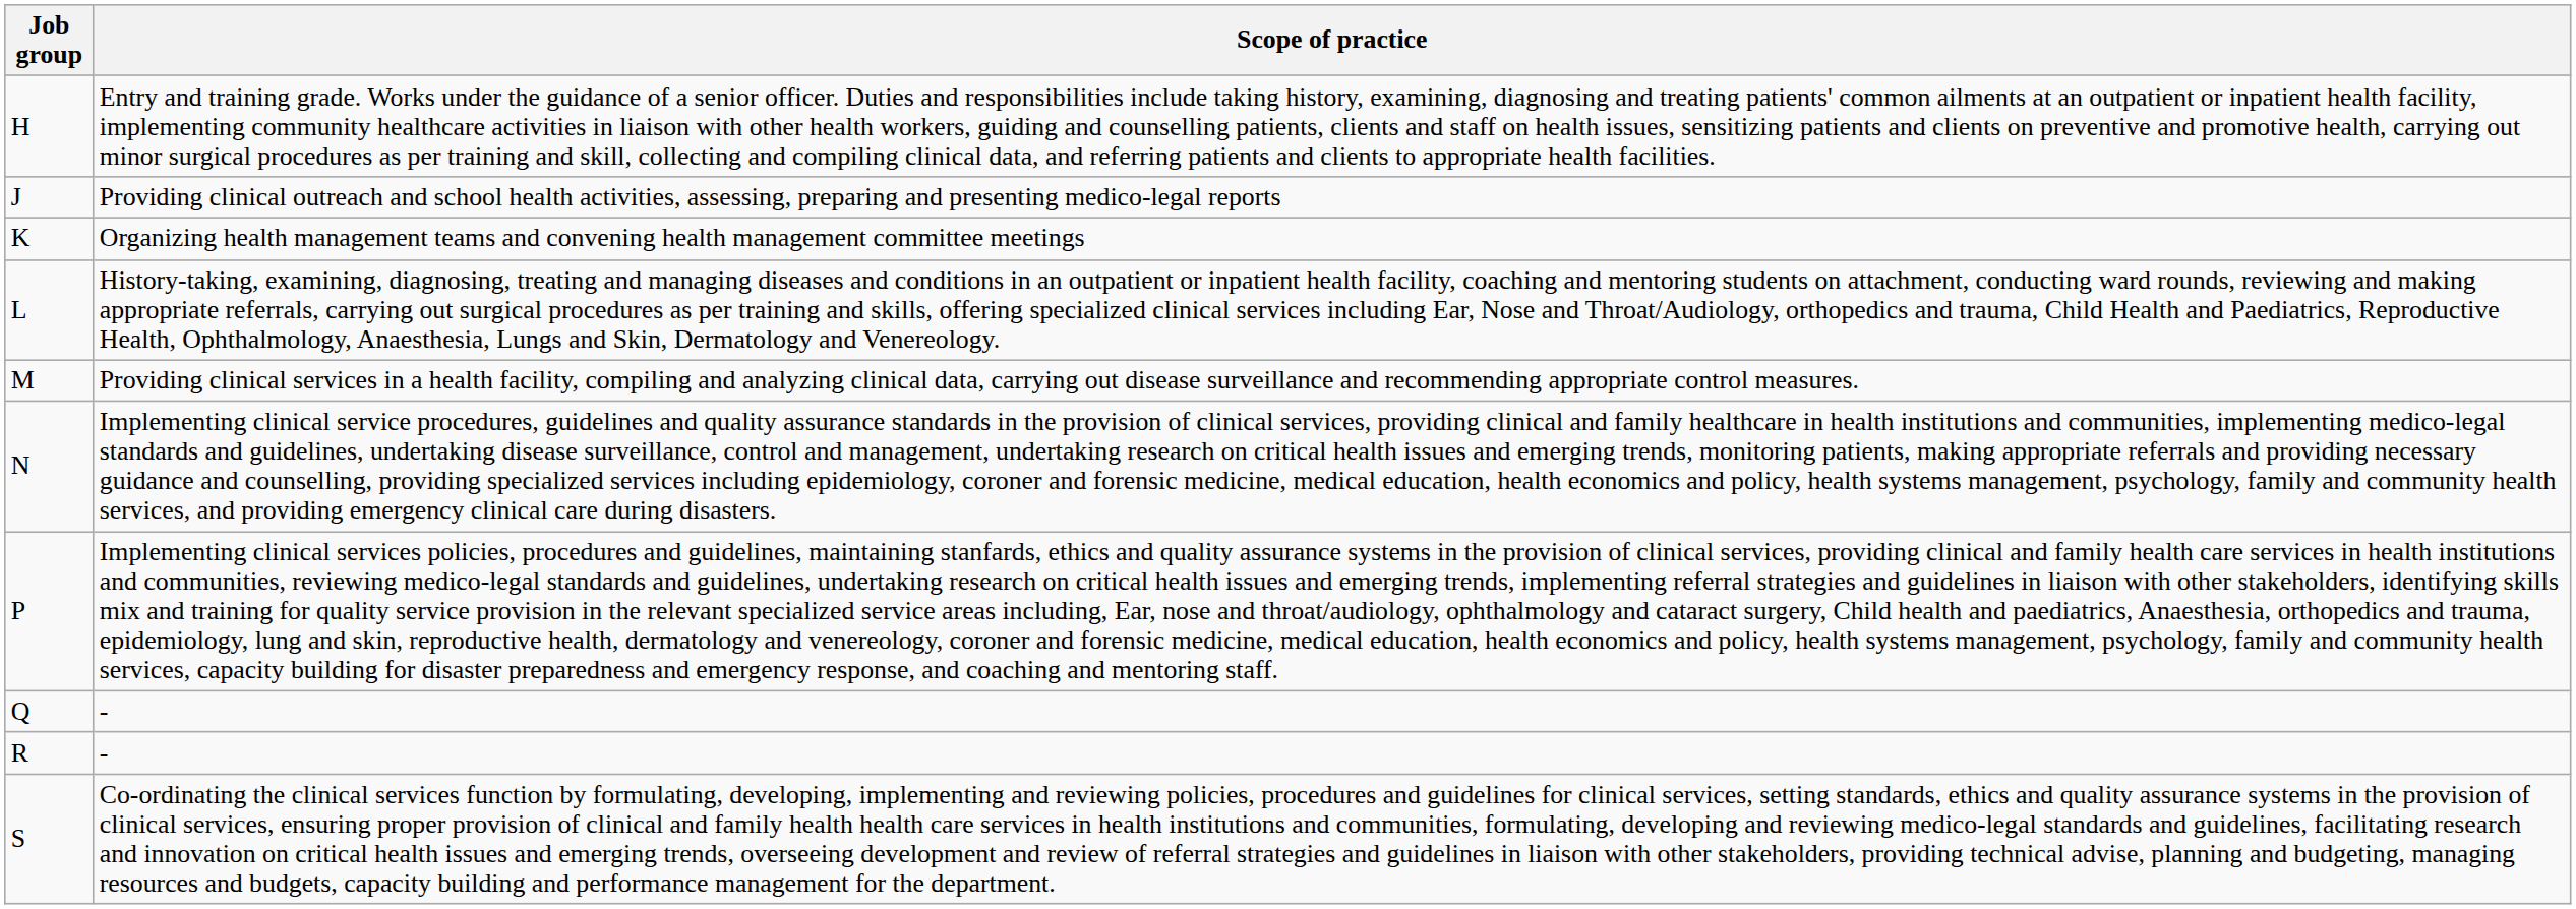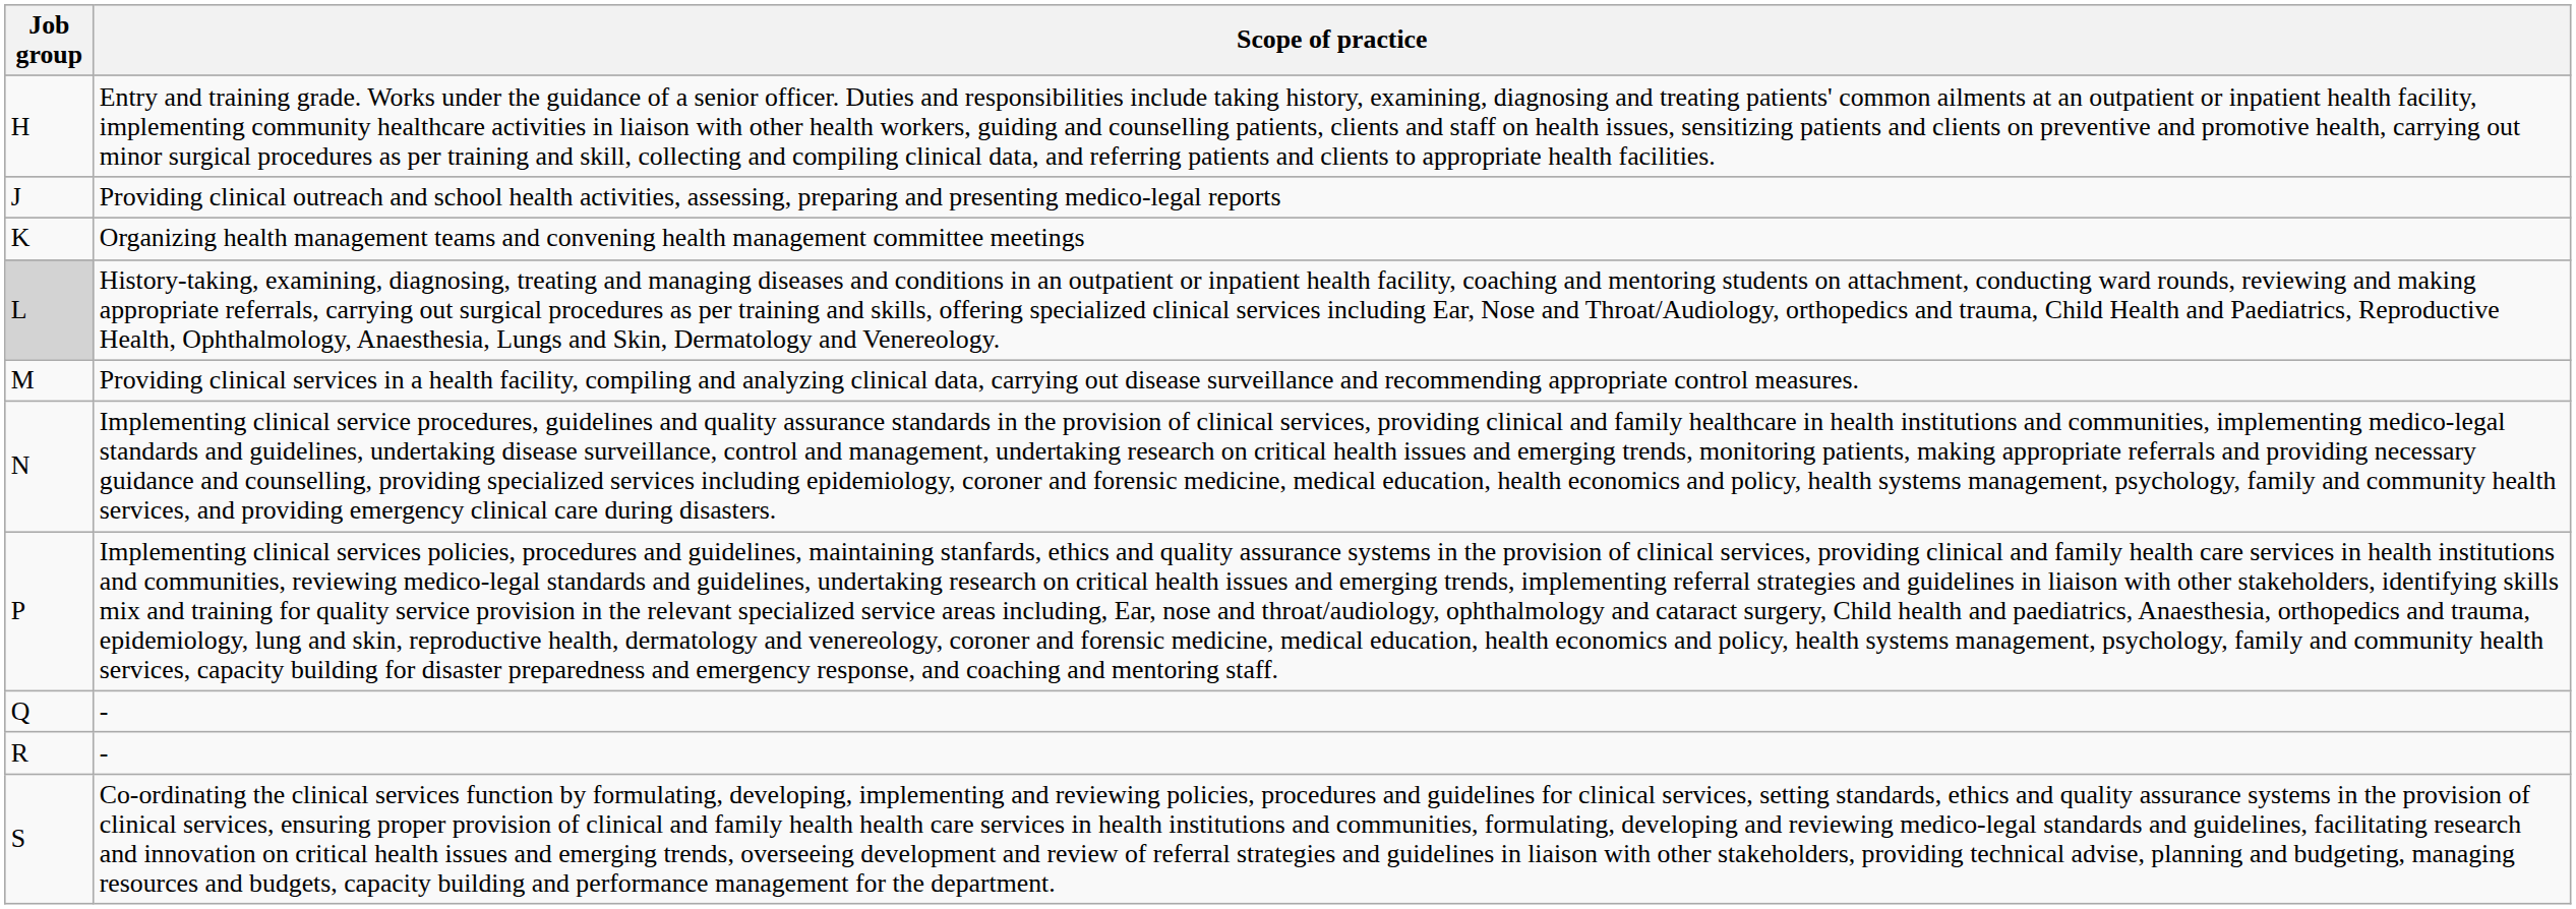 <table class="wikitable">
 <tr>
 <th>Job group</th>
 <th>Scope of practice</th>
 </tr>
 <tr>
 <td>H</td>
 <td>Entry and training grade. Works under the guidance of a senior officer. Duties and responsibilities include taking history, examining, diagnosing and treating patients' common ailments at an outpatient or inpatient health facility, implementing community healthcare activities in liaison with other health workers, guiding and counselling patients, clients and staff on health issues, sensitizing patients and clients on preventive and promotive health, carrying out minor surgical procedures as per training and skill, collecting and compiling clinical data, and referring patients and clients to appropriate health facilities.</td>
 </tr>
 <tr>
 <td>J</td>
 <td>Providing clinical outreach and school health activities, assessing, preparing and presenting medico-legal reports</td>
 </tr>
 <tr>
 <td>K</td>
 <td>Organizing health management teams and convening health management committee meetings</td>
 </tr>
 <tr>
-<td>L</td>
+<td style="background: lightgrey;">L</td>
 <td>History-taking, examining, diagnosing, treating and managing diseases and conditions in an outpatient or inpatient health facility, coaching and mentoring students on attachment, conducting ward rounds, reviewing and making appropriate referrals, carrying out surgical procedures as per training and skills, offering specialized clinical services including Ear, Nose and Throat/Audiology, orthopedics and trauma, Child Health and Paediatrics, Reproductive Health, Ophthalmology, Anaesthesia, Lungs and Skin, Dermatology and Venereology.</td>
 </tr>
 <tr>
 <td>M</td>
 <td>Providing clinical services in a health facility, compiling and analyzing clinical data, carrying out disease surveillance and recommending appropriate control measures.</td>
 </tr>
 <tr>
 <td>N</td>
 <td>Implementing clinical service procedures, guidelines and quality assurance standards in the provision of clinical services, providing clinical and family healthcare in health institutions and communities, implementing medico-legal standards and guidelines, undertaking disease surveillance, control and management, undertaking research on critical health issues and emerging trends, monitoring patients, making appropriate referrals and providing necessary guidance and counselling, providing specialized services including epidemiology, coroner and forensic medicine, medical education, health economics and policy, health systems management, psychology, family and community health services, and providing emergency clinical care during disasters.</td>
 </tr>
 <tr>
 <td>P</td>
 <td>Implementing clinical services policies, procedures and guidelines, maintaining stanfards, ethics and quality assurance systems in the provision of clinical services, providing clinical and family health care services in health institutions and communities, reviewing medico-legal standards and guidelines, undertaking research on critical health issues and emerging trends, implementing referral strategies and guidelines in liaison with other stakeholders, identifying skills mix and training for quality service provision in the relevant specialized service areas including, Ear, nose and throat/audiology, ophthalmology and cataract surgery, Child health and paediatrics, Anaesthesia, orthopedics and trauma, epidemiology, lung and skin, reproductive health, dermatology and venereology, coroner and forensic medicine, medical education, health economics and policy, health systems management, psychology, family and community health services, capacity building for disaster preparedness and emergency response, and coaching and mentoring staff.</td>
 </tr>
 <tr>
 <td>Q</td>
 <td>-</td>
 </tr>
 <tr>
 <td>R</td>
 <td>-</td>
 </tr>
 <tr>
 <td>S</td>
 <td>Co-ordinating the clinical services function by formulating, developing, implementing and reviewing policies, procedures and guidelines for clinical services, setting standards, ethics and quality assurance systems in the provision of clinical services, ensuring proper provision of clinical and family health health care services in health institutions and communities, formulating, developing and reviewing medico-legal standards and guidelines, facilitating research and innovation on critical health issues and emerging trends, overseeing development and review of referral strategies and guidelines in liaison with other stakeholders, providing technical advise, planning and budgeting, managing resources and budgets, capacity building and performance management for the department.</td>
 </tr>
 </table>
